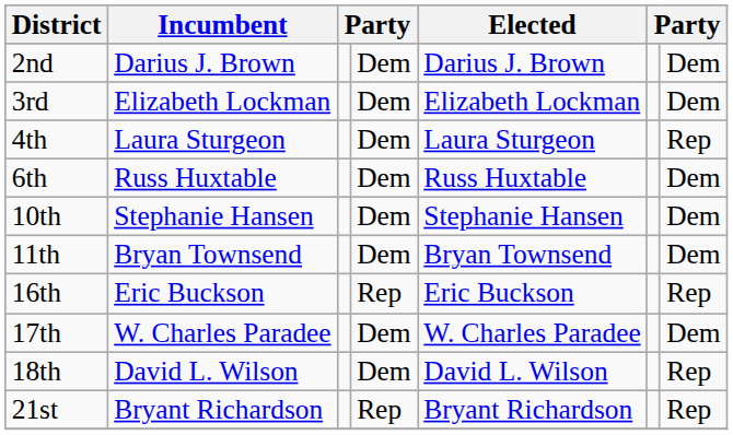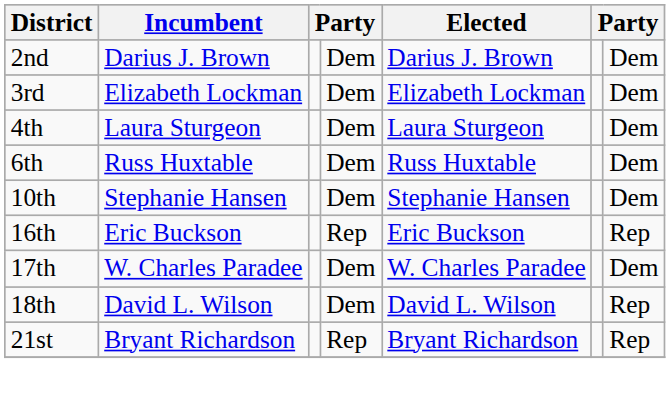 <table class="sortable wikitable" style="font-size:95%;line-height:14px;">
 <tr>
 <th class=>District</th>
 <th class="unsortable"><a href='#'>Incumbent</a></th>
 <th colspan="2">Party</th>
 <th class="unsortable">Elected</th>
 <th colspan="2">Party</th>
 </tr>
 <tr>
 <td>2nd</td>
 <td><a href='#'>Darius J. Brown</a></td>
 <td style="background:"></td>
 <td>Dem</td>
 <td><a href='#'>Darius J. Brown</a></td>
 <td style="background:"></td>
 <td>Dem</td>
 </tr>
 <tr>
 <td>3rd</td>
 <td><a href='#'>Elizabeth Lockman</a></td>
 <td style="background:"></td>
 <td>Dem</td>
 <td><a href='#'>Elizabeth Lockman</a></td>
 <td style="background:"></td>
 <td>Dem</td>
 </tr>
 <tr>
 <td>4th</td>
 <td><a href='#'>Laura Sturgeon</a></td>
 <td style="background:"></td>
 <td>Dem</td>
 <td><a href='#'>Laura Sturgeon</a></td>
 <td style="background:"></td>
-<td>Rep</td>
+<td>Dem</td>
 </tr>
 <tr>
 <td>6th</td>
 <td><a href='#'>Russ Huxtable</a></td>
 <td style="background:"></td>
 <td>Dem</td>
 <td><a href='#'>Russ Huxtable</a></td>
 <td style="background:"></td>
 <td>Dem</td>
 </tr>
 <tr>
 <td>10th</td>
 <td><a href='#'>Stephanie Hansen</a></td>
 <td style="background:"></td>
 <td>Dem</td>
 <td><a href='#'>Stephanie Hansen</a></td>
-<td style="background:"></td>
-<td>Dem</td>
-</tr>
-<tr>
-<td>11th</td>
-<td><a href='#'>Bryan Townsend</a></td>
-<td style="background:"></td>
-<td>Dem</td>
-<td><a href='#'>Bryan Townsend</a></td>
 <td style="background:"></td>
 <td>Dem</td>
 </tr>
 <tr>
 <td>16th</td>
 <td><a href='#'>Eric Buckson</a></td>
 <td style="background:"></td>
 <td>Rep</td>
 <td><a href='#'>Eric Buckson</a></td>
 <td style="background:"></td>
 <td>Rep</td>
 </tr>
 <tr>
 <td>17th</td>
 <td><a href='#'>W. Charles Paradee</a></td>
 <td style="background:"></td>
 <td>Dem</td>
 <td><a href='#'>W. Charles Paradee</a></td>
 <td style="background:"></td>
 <td>Dem</td>
 </tr>
 <tr>
 <td>18th</td>
 <td><a href='#'>David L. Wilson</a></td>
 <td style="background:"></td>
 <td>Dem</td>
 <td><a href='#'>David L. Wilson</a></td>
 <td style="background:"></td>
 <td>Rep</td>
 </tr>
 <tr>
 <td>21st</td>
 <td><a href='#'>Bryant Richardson</a></td>
 <td style="background:"></td>
 <td>Rep</td>
 <td><a href='#'>Bryant Richardson</a></td>
 <td style="background:"></td>
 <td>Rep</td>
 </tr>
 <tr>
 </tr>
 </table>
